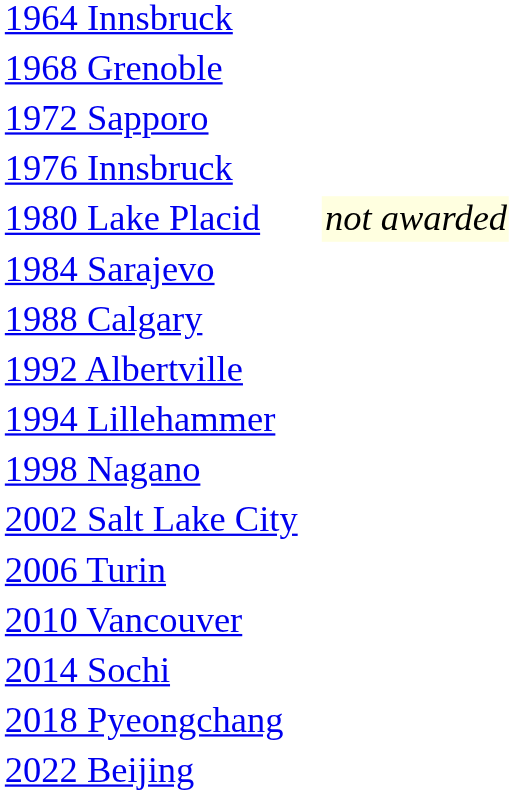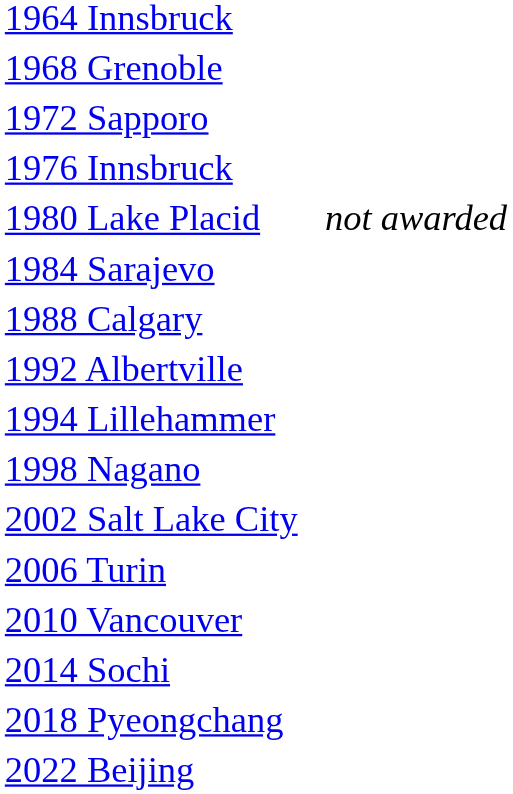 <table>
 <tr valign="top">
 <td><a href='#'>1964 Innsbruck</a><br></td>
 <td></td>
 <td></td>
 <td></td>
 </tr>
 <tr valign="top">
 <td><a href='#'>1968 Grenoble</a><br></td>
 <td></td>
 <td></td>
 <td></td>
 </tr>
 <tr valign="top">
 <td><a href='#'>1972 Sapporo</a><br></td>
 <td></td>
 <td></td>
 <td></td>
 </tr>
 <tr valign="top">
 <td><a href='#'>1976 Innsbruck</a><br></td>
 <td></td>
 <td></td>
 <td></td>
 </tr>
 <tr valign="top">
 <td><a href='#'>1980 Lake Placid</a><br></td>
 <td></td>
 <td><br></td>
-<td style="background: lightyellow;"><em>not awarded</em></td>
+<td><em>not awarded</em></td>
 </tr>
 <tr valign="top">
 <td><a href='#'>1984 Sarajevo</a><br></td>
 <td></td>
 <td></td>
 <td></td>
 </tr>
 <tr valign="top">
 <td><a href='#'>1988 Calgary</a><br></td>
 <td></td>
 <td></td>
 <td></td>
 </tr>
 <tr valign="top">
 <td><a href='#'>1992 Albertville</a><br></td>
 <td></td>
 <td></td>
 <td></td>
 </tr>
 <tr valign="top">
 <td><a href='#'>1994 Lillehammer</a><br></td>
 <td></td>
 <td></td>
 <td></td>
 </tr>
 <tr valign="top">
 <td><a href='#'>1998 Nagano</a><br></td>
 <td></td>
 <td></td>
 <td></td>
 </tr>
 <tr valign="top">
 <td><a href='#'>2002 Salt Lake City</a><br></td>
 <td></td>
 <td></td>
 <td></td>
 </tr>
 <tr valign="top">
 <td><a href='#'>2006 Turin</a><br></td>
 <td></td>
 <td></td>
 <td></td>
 </tr>
 <tr valign="top">
 <td><a href='#'>2010 Vancouver</a><br></td>
 <td></td>
 <td></td>
 <td></td>
 </tr>
 <tr valign="top">
 <td><a href='#'>2014 Sochi</a><br></td>
 <td></td>
 <td></td>
 <td></td>
 </tr>
 <tr valign="top">
 <td><a href='#'>2018 Pyeongchang</a><br></td>
 <td></td>
 <td></td>
 <td></td>
 </tr>
 <tr>
 <td><a href='#'>2022 Beijing</a> <br></td>
 <td></td>
 <td></td>
 <td></td>
 </tr>
 <tr>
 </tr>
 </table>
